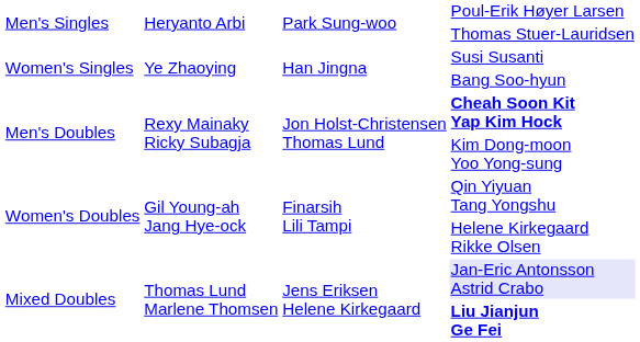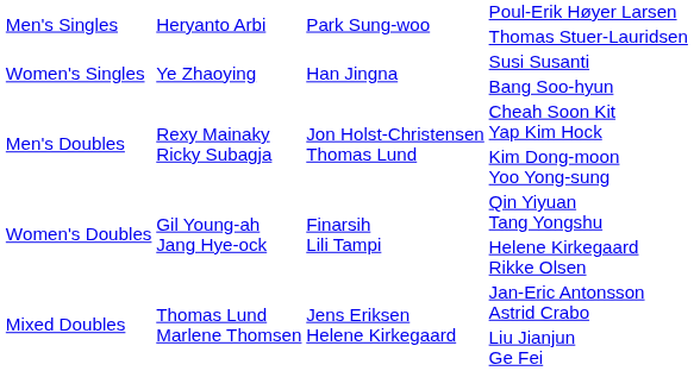 <table>
 <tr>
 <td rowspan=2><a href='#'>Men's Singles</a></td>
 <td rowspan=2> <a href='#'>Heryanto Arbi</a></td>
 <td rowspan=2> <a href='#'>Park Sung-woo</a></td>
 <td> <a href='#'>Poul-Erik Høyer Larsen</a></td>
 </tr>
 <tr>
 <td> <a href='#'>Thomas Stuer-Lauridsen</a></td>
 </tr>
 <tr>
 <td rowspan=2><a href='#'>Women's Singles</a></td>
 <td rowspan=2> <a href='#'>Ye Zhaoying</a></td>
 <td rowspan=2> <a href='#'>Han Jingna</a></td>
 <td> <a href='#'>Susi Susanti</a></td>
 </tr>
 <tr>
 <td> <a href='#'>Bang Soo-hyun</a></td>
 </tr>
 <tr>
 <td rowspan=2><a href='#'>Men's Doubles</a></td>
 <td rowspan=2> <a href='#'>Rexy Mainaky</a><br> <a href='#'>Ricky Subagja</a></td>
 <td rowspan=2> <a href='#'>Jon Holst-Christensen</a><br> <a href='#'>Thomas Lund</a></td>
-<td><strong> <a href='#'>Cheah Soon Kit</a><br> <a href='#'>Yap Kim Hock</a></strong></td>
+<td> <a href='#'>Cheah Soon Kit</a><br> <a href='#'>Yap Kim Hock</a></td>
 </tr>
 <tr>
 <td> <a href='#'>Kim Dong-moon</a><br> <a href='#'>Yoo Yong-sung</a></td>
 </tr>
 <tr>
 <td rowspan=2><a href='#'>Women's Doubles</a></td>
 <td rowspan=2> <a href='#'>Gil Young-ah</a><br> <a href='#'>Jang Hye-ock</a></td>
 <td rowspan=2> <a href='#'>Finarsih</a><br> <a href='#'>Lili Tampi</a></td>
 <td> <a href='#'>Qin Yiyuan</a><br> <a href='#'>Tang Yongshu</a></td>
 </tr>
 <tr>
 <td> <a href='#'>Helene Kirkegaard</a><br>  <a href='#'>Rikke Olsen</a></td>
 </tr>
 <tr>
 <td rowspan=2><a href='#'>Mixed Doubles</a></td>
 <td rowspan=2> <a href='#'>Thomas Lund</a><br>  <a href='#'>Marlene Thomsen</a></td>
 <td rowspan=2> <a href='#'>Jens Eriksen</a><br>  <a href='#'>Helene Kirkegaard</a></td>
-<td style="background: lavender;"> <a href='#'>Jan-Eric Antonsson</a><br> <a href='#'>Astrid Crabo</a></td>
+<td> <a href='#'>Jan-Eric Antonsson</a><br> <a href='#'>Astrid Crabo</a></td>
 </tr>
 <tr>
-<td><strong> <a href='#'>Liu Jianjun</a><br> <a href='#'>Ge Fei</a></strong></td>
+<td> <a href='#'>Liu Jianjun</a><br> <a href='#'>Ge Fei</a></td>
 </tr>
 </table>
